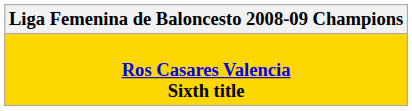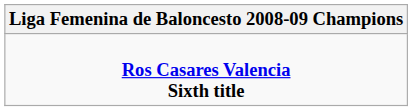 <table class=wikitable style="text-align:center; margin:auto">
 <tr>
 <th>Liga Femenina de Baloncesto 2008-09 Champions</th>
 </tr>
 <tr>
-<td style="background: gold;"> <br> <strong><a href='#'>Ros Casares Valencia</a></strong> <br> <strong>Sixth title</strong></td>
+<td> <br> <strong><a href='#'>Ros Casares Valencia</a></strong> <br> <strong>Sixth title</strong></td>
 </tr>
 </table>
